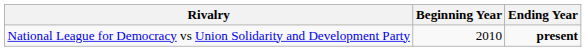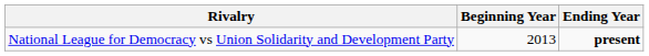 <table class="wikitable sortable">
 <tr>
 <th>Rivalry</th>
 <th>Beginning Year</th>
 <th>Ending Year</th>
 </tr>
 <tr>
 <td><a href='#'>National League for Democracy</a> vs <a href='#'>Union Solidarity and Development Party</a></td>
-<td style="text-align:right;">2010</td>
+<td style="text-align:right;">2013</td>
 <td style="text-align:right;"><strong>present</strong></td>
 </tr>
 </table>
